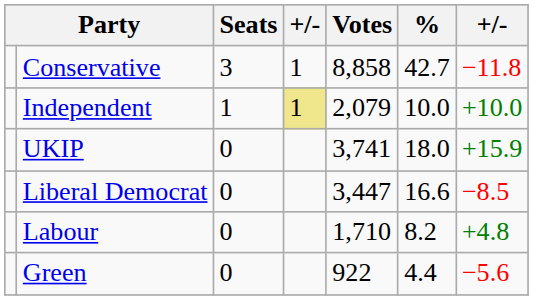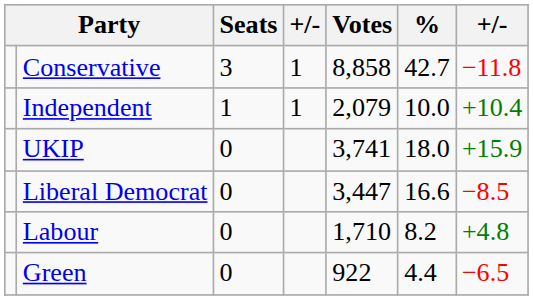 <table class="wikitable">
 <tr>
 <th colspan="2">Party</th>
 <th>Seats</th>
 <th>+/-</th>
 <th>Votes</th>
 <th>%</th>
 <th>+/-</th>
 </tr>
 <tr>
 <td style="background-color: "></td>
 <td><a href='#'>Conservative</a></td>
 <td>3</td>
 <td>1</td>
 <td>8,858</td>
 <td>42.7</td>
 <td style="color:red">−11.8</td>
 </tr>
 <tr>
 <td style="background-color: "></td>
 <td><a href='#'>Independent</a></td>
 <td>1</td>
-<td style="background: khaki;">1</td>
+<td>1</td>
 <td>2,079</td>
 <td>10.0</td>
-<td style="color:green">+10.0</td>
+<td style="color:green">+10.4</td>
 </tr>
 <tr>
 <td style="background-color: "></td>
 <td><a href='#'>UKIP</a></td>
 <td>0</td>
 <td></td>
 <td>3,741</td>
 <td>18.0</td>
 <td style="color:green">+15.9</td>
 </tr>
 <tr>
 <td style="background-color: "></td>
 <td><a href='#'>Liberal Democrat</a></td>
 <td>0</td>
 <td></td>
 <td>3,447</td>
 <td>16.6</td>
 <td style="color:red">−8.5</td>
 </tr>
 <tr>
 <td style="background-color: "></td>
 <td><a href='#'>Labour</a></td>
 <td>0</td>
 <td></td>
 <td>1,710</td>
 <td>8.2</td>
 <td style="color:green">+4.8</td>
 </tr>
 <tr>
 <td style="background-color: "></td>
 <td><a href='#'>Green</a></td>
 <td>0</td>
 <td></td>
 <td>922</td>
 <td>4.4</td>
-<td style="color:red">−5.6</td>
+<td style="color:red">−6.5</td>
 </tr>
 </table>
